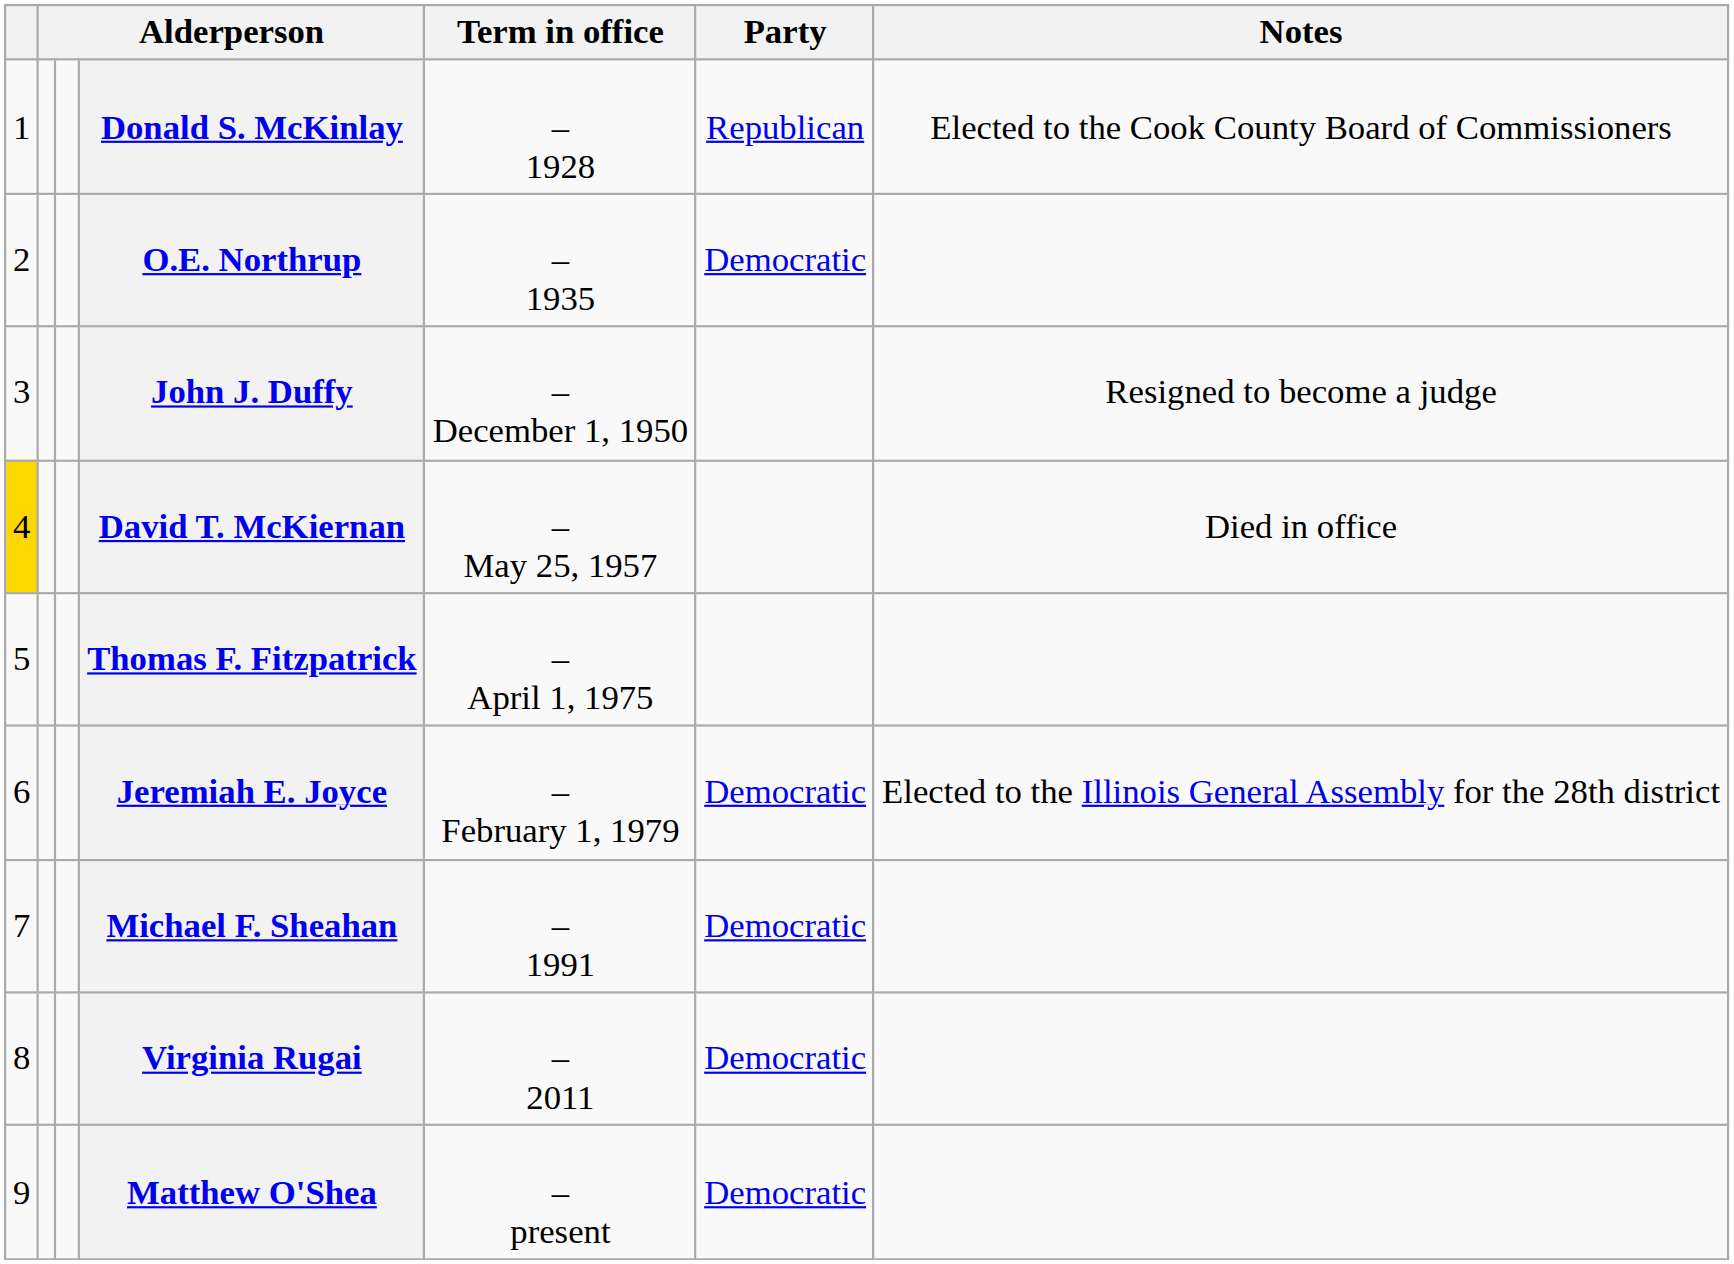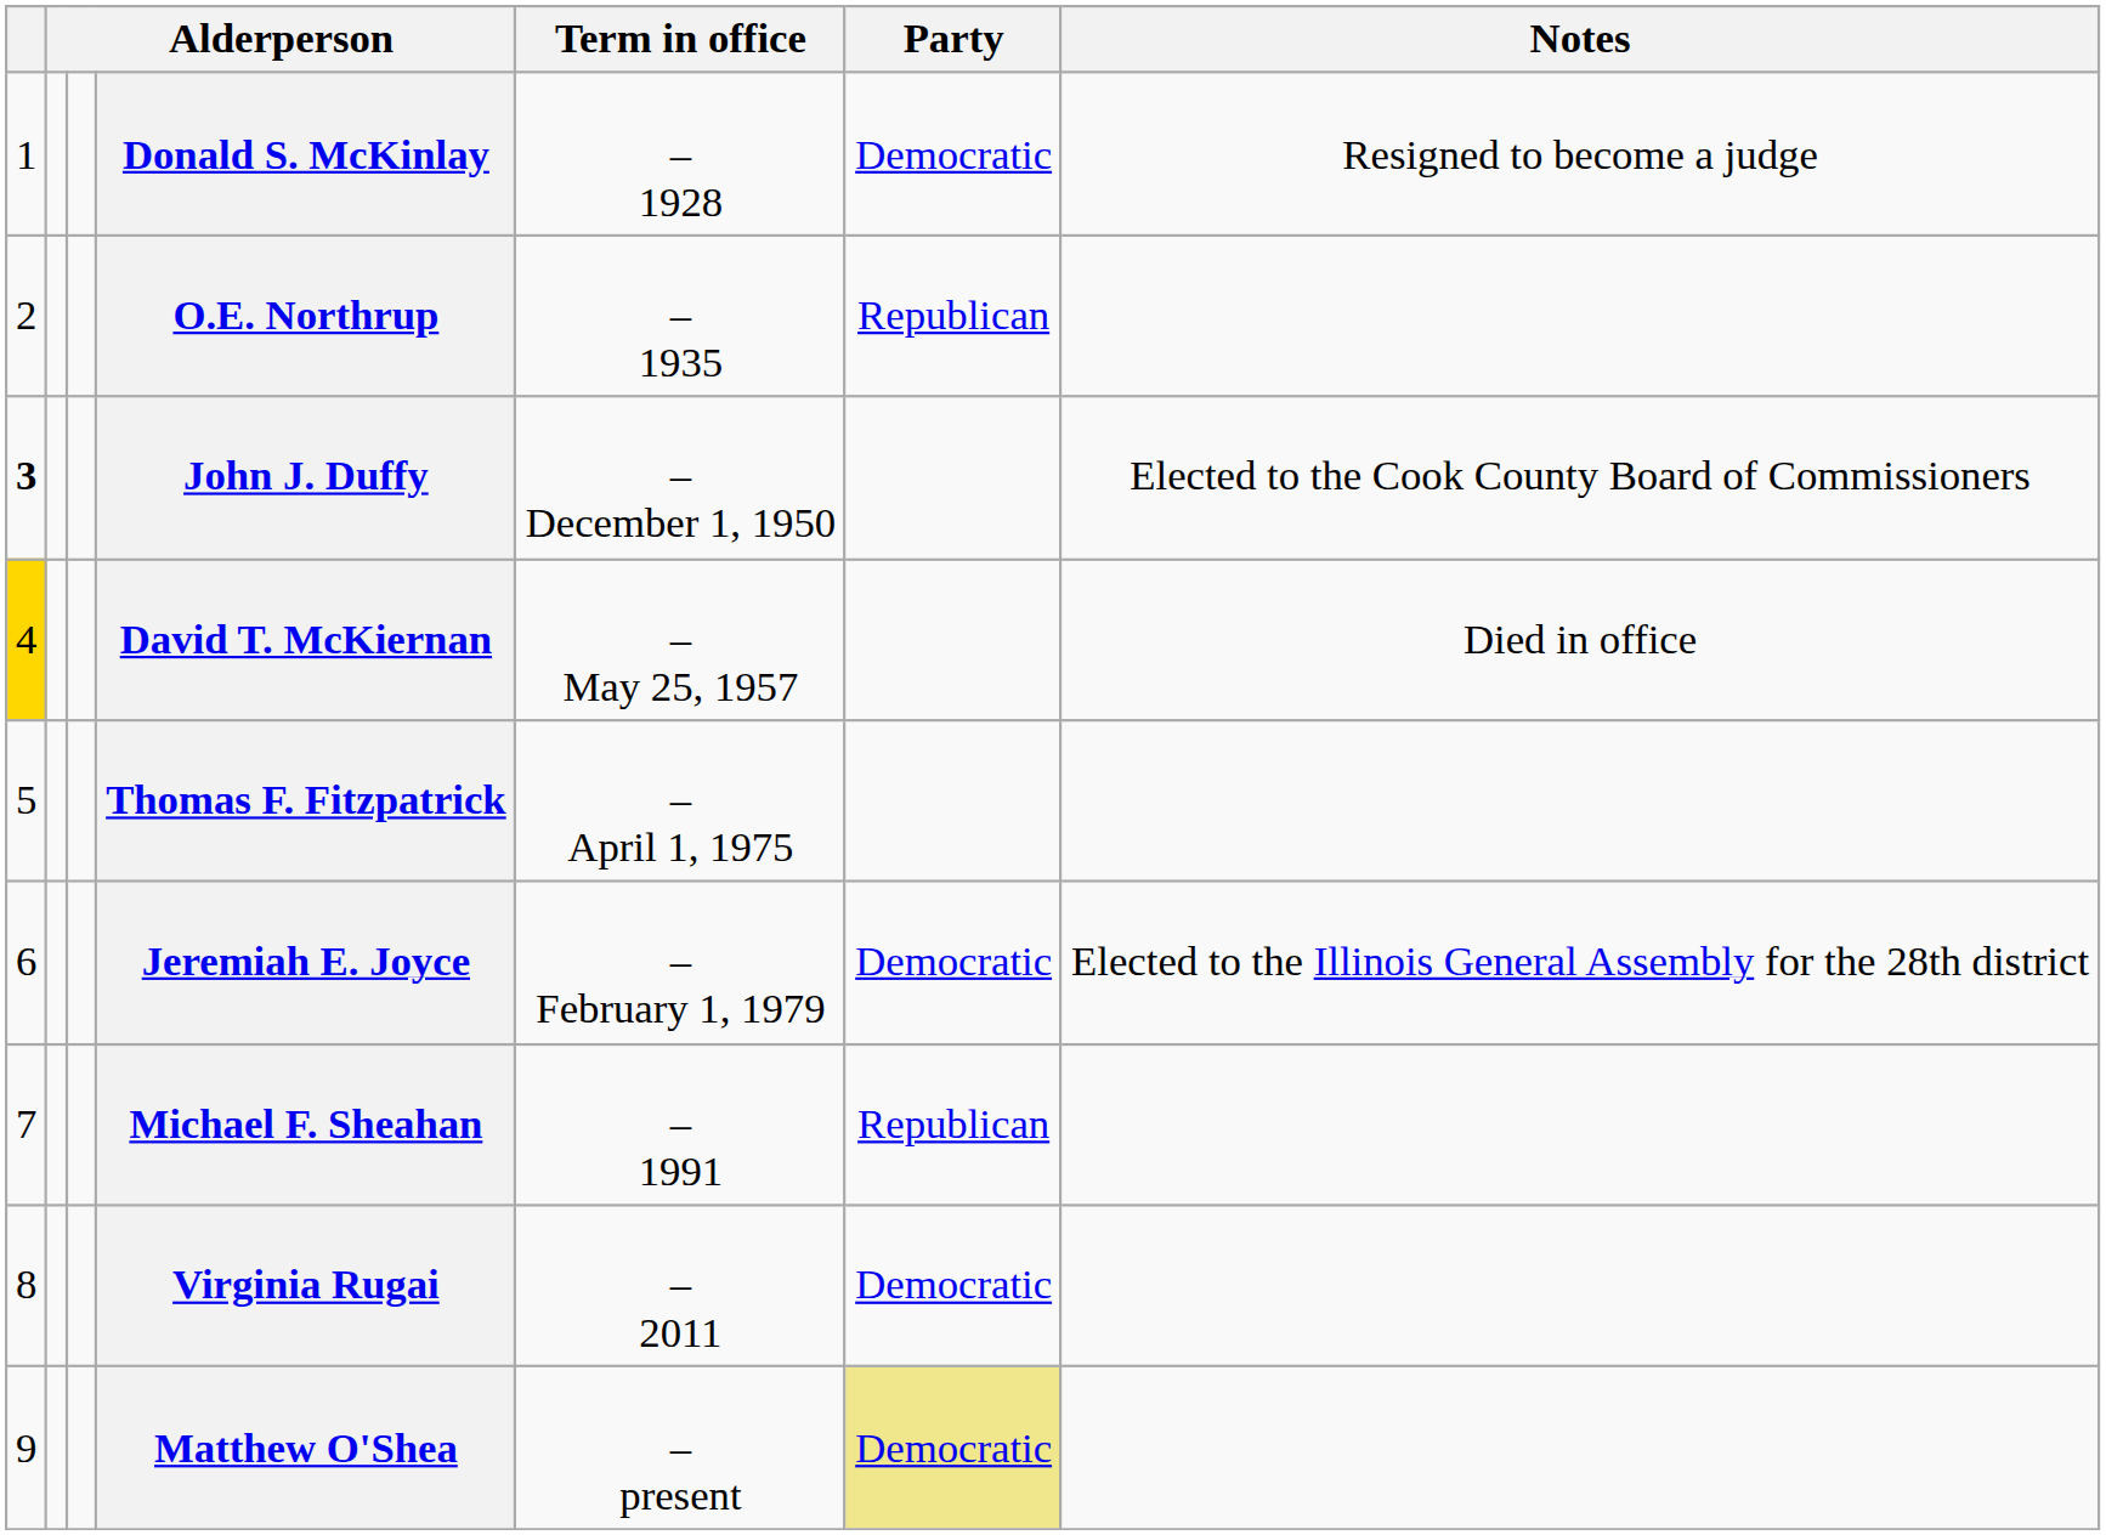 <table class="wikitable sortable" style="text-align:center;">
 <tr>
 <th scope="col"></th>
 <th scope="col" colspan="3">Alderperson</th>
 <th scope="col">Term in office</th>
 <th scope="col">Party</th>
 <th scope="col">Notes</th>
 </tr>
 <tr style="height:2em;">
 <td>1</td>
 <td></td>
 <td> </td>
 <th scope="row"><a href='#'>Donald S. McKinlay</a></th>
 <td><br>–<br>1928</td>
-<td><a href='#'>Republican</a></td>
-<td>Elected to the Cook County Board of Commissioners</td>
+<td><a href='#'>Democratic</a></td>
+<td>Resigned to become a judge</td>
 </tr>
 <tr style="height:2em;">
 <td>2</td>
 <td></td>
 <td> </td>
 <th scope="row"><a href='#'>O.E. Northrup</a></th>
 <td><br>–<br>1935</td>
-<td><a href='#'>Democratic</a></td>
+<td><a href='#'>Republican</a></td>
 <td></td>
 </tr>
 <tr style="height:2em;">
-<td>3</td>
+<td><strong>3</strong></td>
 <td></td>
 <td></td>
 <th scope="row"><a href='#'>John J. Duffy</a></th>
 <td><br>–<br>December 1, 1950</td>
 <td></td>
-<td>Resigned to become a judge</td>
+<td>Elected to the Cook County Board of Commissioners</td>
 </tr>
 <tr style="height:2em;">
 <td style="background: gold;">4</td>
 <td></td>
 <td></td>
 <th scope="row"><a href='#'>David T. McKiernan</a></th>
 <td><br>–<br>May 25, 1957</td>
 <td></td>
 <td>Died in office</td>
 </tr>
 <tr style="height:2em;">
 <td>5</td>
 <td></td>
 <td></td>
 <th scope="row"><a href='#'>Thomas F. Fitzpatrick</a></th>
 <td><br>–<br>April 1, 1975</td>
 <td></td>
 <td></td>
 </tr>
 <tr style="height:2em;">
 <td>6</td>
 <td></td>
 <td> </td>
 <th scope="row"><a href='#'>Jeremiah E. Joyce</a></th>
 <td><br>–<br>February 1, 1979</td>
 <td><a href='#'>Democratic</a></td>
 <td>Elected to the <a href='#'>Illinois General Assembly</a> for the 28th district</td>
 </tr>
 <tr style="height:2em;">
 <td>7</td>
 <td></td>
 <td> </td>
 <th scope="row"><a href='#'>Michael F. Sheahan</a></th>
 <td><br>–<br>1991</td>
-<td><a href='#'>Democratic</a></td>
+<td><a href='#'>Republican</a></td>
 <td></td>
 </tr>
 <tr style="height:2em;">
 <td>8</td>
 <td></td>
 <td> </td>
 <th scope="row"><a href='#'>Virginia Rugai</a></th>
 <td><br>–<br>2011</td>
 <td><a href='#'>Democratic</a></td>
 <td></td>
 </tr>
 <tr style="height:2em;">
 <td>9</td>
 <td></td>
 <td> </td>
 <th scope="row"><a href='#'>Matthew O'Shea</a></th>
 <td><br>–<br>present</td>
-<td><a href='#'>Democratic</a></td>
+<td style="background: khaki;"><a href='#'>Democratic</a></td>
 <td></td>
 </tr>
 </table>
